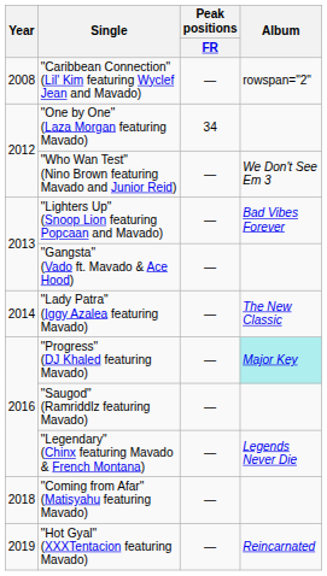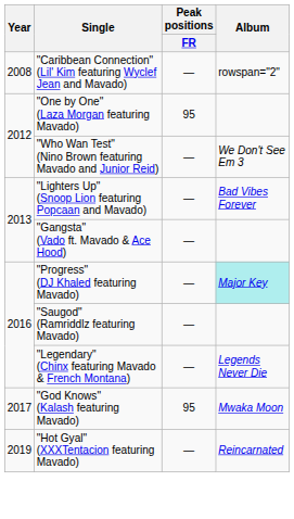 <table class="wikitable">
 <tr>
 <th align="center" rowspan="2" width="10">Year</th>
 <th align="center" rowspan="2" width="180">Single</th>
 <th align="center" colspan="1">Peak positions</th>
 <th align="center" rowspan="2" width="100">Album</th>
 </tr>
 <tr>
 <th width="20"><span><a href='#'>FR</a></span><br></th>
 </tr>
 <tr>
 <td align="center" rowspan="1">2008</td>
 <td>"Caribbean Connection" <br><span>(<a href='#'>Lil' Kim</a> featuring <a href='#'>Wyclef Jean</a> and Mavado)</span></td>
 <td align="center">—</td>
 <td>rowspan="2" </td>
 </tr>
 <tr>
 <td align="center" rowspan="2">2012</td>
 <td>"One by One" <br><span>(<a href='#'>Laza Morgan</a> featuring Mavado)</span></td>
-<td align="center">34</td>
+<td align="center">95</td>
 </tr>
 <tr>
 <td>"Who Wan Test" <br><span>(Nino Brown featuring Mavado and <a href='#'>Junior Reid</a>)</span></td>
 <td align="center">—</td>
 <td><em>We Don't See Em 3</em></td>
 </tr>
 <tr>
 <td align="center" rowspan="2">2013</td>
 <td>"Lighters Up" <br><span>(<a href='#'>Snoop Lion</a> featuring <a href='#'>Popcaan</a> and Mavado)</span></td>
 <td align="center">—</td>
 <td><em><a href='#'>Bad Vibes Forever</a></em></td>
 </tr>
 <tr>
 <td>"Gangsta" <br><span>(<a href='#'>Vado</a> ft. Mavado & <a href='#'>Ace Hood</a>)</span></td>
 <td align="center">—</td>
 <td></td>
 </tr>
 <tr>
-<td align="center" rowspan="1">2014</td>
-<td>"Lady Patra" <br><span>(<a href='#'>Iggy Azalea</a> featuring Mavado)</span></td>
-<td align="center">—</td>
-<td><em><a href='#'>The New Classic</a></em></td>
-</tr>
-<tr>
 <td align="center" rowspan="3">2016</td>
 <td>"Progress" <br><span>(<a href='#'>DJ Khaled</a> featuring Mavado)</span></td>
 <td align="center">—</td>
 <td style="background: paleturquoise;"><em><a href='#'>Major Key</a></em></td>
 </tr>
 <tr>
 <td>"Saugod" <br><span>(Ramriddlz featuring Mavado)</span></td>
 <td align="center">—</td>
 <td></td>
 </tr>
 <tr>
 <td>"Legendary" <br><span>(<a href='#'>Chinx</a> featuring Mavado & <a href='#'>French Montana</a>)</span></td>
 <td align="center">—</td>
 <td><em><a href='#'>Legends Never Die</a></em></td>
 </tr>
 <tr>
-<td align="center" rowspan="1">2018</td>
-<td>"Coming from Afar" <br><span>(<a href='#'>Matisyahu</a> featuring Mavado)</span></td>
-<td align="center">—</td>
-<td></td>
+<td align="center" rowspan="1">2017</td>
+<td>"God Knows" <br><span>(<a href='#'>Kalash</a> featuring Mavado)</span></td>
+<td align="center">95</td>
+<td><em><a href='#'>Mwaka Moon</a></em></td>
 </tr>
 <tr>
 <td align="center" rowspan="1">2019</td>
 <td>"Hot Gyal" <br><span>(<a href='#'>XXXTentacion</a> featuring Mavado)</span></td>
 <td align="center">—</td>
 <td><em><a href='#'>Reincarnated</a></em></td>
 </tr>
 </table>
